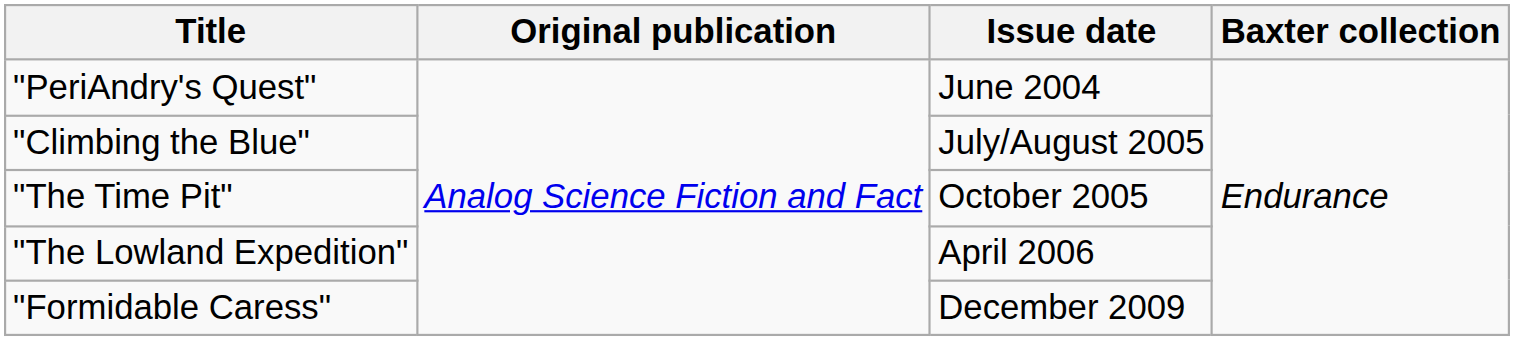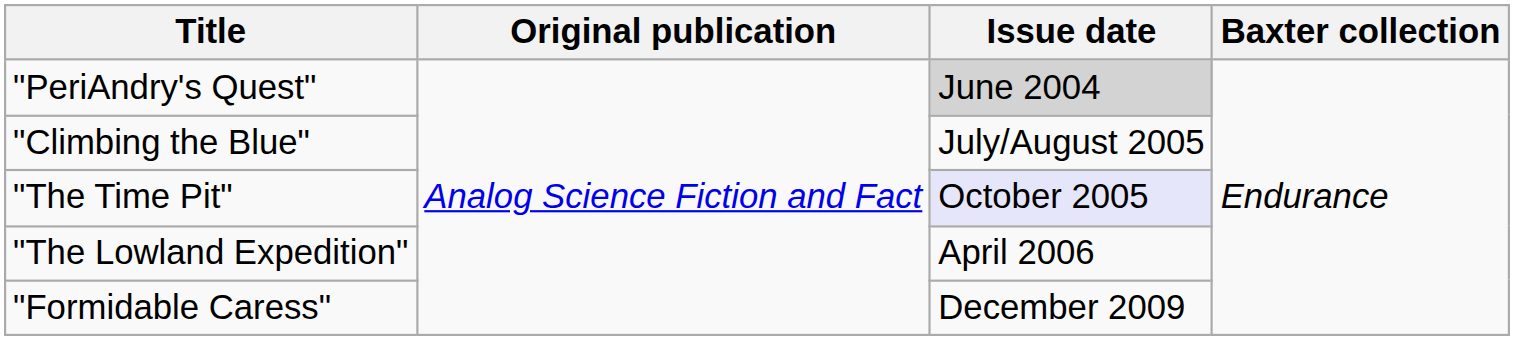 <table class="wikitable">
 <tr>
 <th>Title</th>
 <th>Original publication</th>
 <th>Issue date</th>
 <th>Baxter collection</th>
 </tr>
 <tr>
 <td>"PeriAndry's Quest"</td>
 <td rowspan="5"><em><a href='#'>Analog Science Fiction and Fact</a></em></td>
-<td>June 2004</td>
+<td style="background: lightgrey;">June 2004</td>
 <td rowspan="5"><em>Endurance</em></td>
 </tr>
 <tr>
 <td>"Climbing the Blue"</td>
 <td>July/August 2005</td>
 </tr>
 <tr>
 <td>"The Time Pit"</td>
-<td>October 2005</td>
+<td style="background: lavender;">October 2005</td>
 </tr>
 <tr>
 <td>"The Lowland Expedition"</td>
 <td>April 2006</td>
 </tr>
 <tr>
 <td>"Formidable Caress"</td>
 <td>December 2009</td>
 </tr>
 </table>
